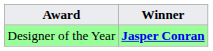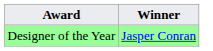 <table class="wikitable">
 <tr>
 <th style="background:#EAECF0">Award</th>
 <th style="background:#EAECF0">Winner</th>
 </tr>
 <tr>
 <td style="background:#99ff99">Designer of the Year</td>
-<td style="background:#99ff99"><strong><a href='#'>Jasper Conran</a></strong></td>
+<td style="background:#99ff99"><a href='#'>Jasper Conran</a></td>
 </tr>
 </table>
